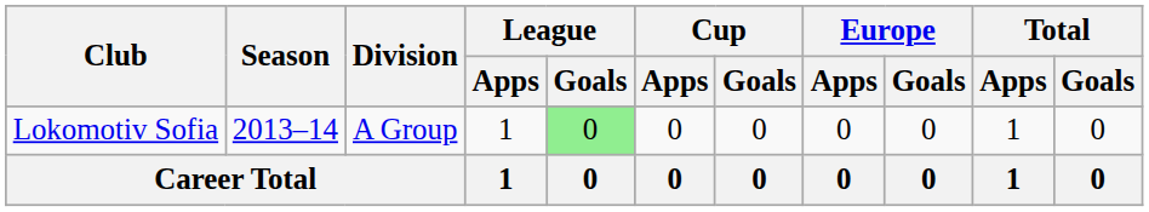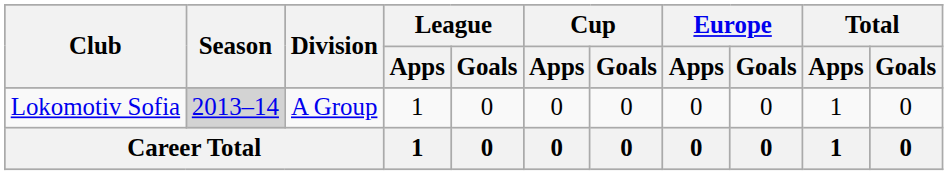 <table class="wikitable" style="font-size:90%; text-align: center">
 <tr>
 <th rowspan=2>Club</th>
 <th rowspan=2>Season</th>
 <th rowspan="2">Division</th>
 <th colspan=2>League</th>
 <th colspan=2>Cup</th>
 <th colspan=2><a href='#'>Europe</a></th>
 <th colspan=2>Total</th>
 </tr>
 <tr>
 <th>Apps</th>
 <th>Goals</th>
 <th>Apps</th>
 <th>Goals</th>
 <th>Apps</th>
 <th>Goals</th>
 <th>Apps</th>
 <th>Goals</th>
 </tr>
 <tr>
 <td><a href='#'>Lokomotiv Sofia</a></td>
-<td><a href='#'>2013–14</a></td>
+<td style="background: lightgrey;"><a href='#'>2013–14</a></td>
 <td><a href='#'>A Group</a></td>
 <td>1</td>
-<td style="background: lightgreen;">0</td>
+<td>0</td>
 <td>0</td>
 <td>0</td>
 <td>0</td>
 <td>0</td>
 <td>1</td>
 <td>0</td>
 </tr>
 <tr>
 <th colspan=3>Career Total</th>
 <th>1</th>
 <th>0</th>
 <th>0</th>
 <th>0</th>
 <th>0</th>
 <th>0</th>
 <th>1</th>
 <th>0</th>
 </tr>
 </table>
